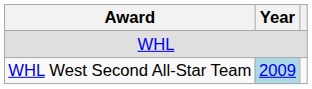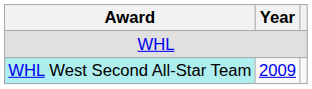 <table class="wikitable">
 <tr>
 <th>Award</th>
 <th>Year</th>
 <th></th>
 </tr>
 <tr ALIGN="center" bgcolor="#e0e0e0">
 <td colspan="3"><a href='#'>WHL</a></td>
 </tr>
 <tr>
-<td><a href='#'>WHL</a> West Second All-Star Team</td>
-<td style="background: lightblue;"><a href='#'>2009</a></td>
+<td style="background: paleturquoise;"><a href='#'>WHL</a> West Second All-Star Team</td>
+<td><a href='#'>2009</a></td>
 <td></td>
 </tr>
 </table>
